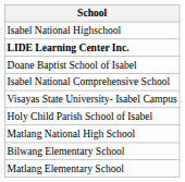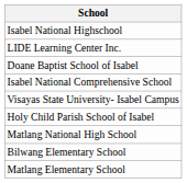 <table class="wikitable sortable" style="background-color:#FDFDFD;font-size:95%;">
 <tr>
 <th scope="col">School</th>
 </tr>
 <tr>
 <td>Isabel National Highschool</td>
 </tr>
 <tr>
-<td><strong>LIDE Learning Center Inc.</strong></td>
+<td>LIDE Learning Center Inc.</td>
 </tr>
 <tr>
 <td>Doane Baptist School of Isabel</td>
 </tr>
 <tr>
 <td>Isabel National Comprehensive School</td>
 </tr>
 <tr>
 <td>Visayas State University- Isabel Campus</td>
 </tr>
 <tr>
 <td>Holy Child Parish School of Isabel</td>
 </tr>
 <tr>
 <td>Matlang National High School</td>
 </tr>
 <tr>
 <td>Bilwang Elementary School</td>
 </tr>
 <tr>
 <td>Matlang Elementary School</td>
 </tr>
 </table>
